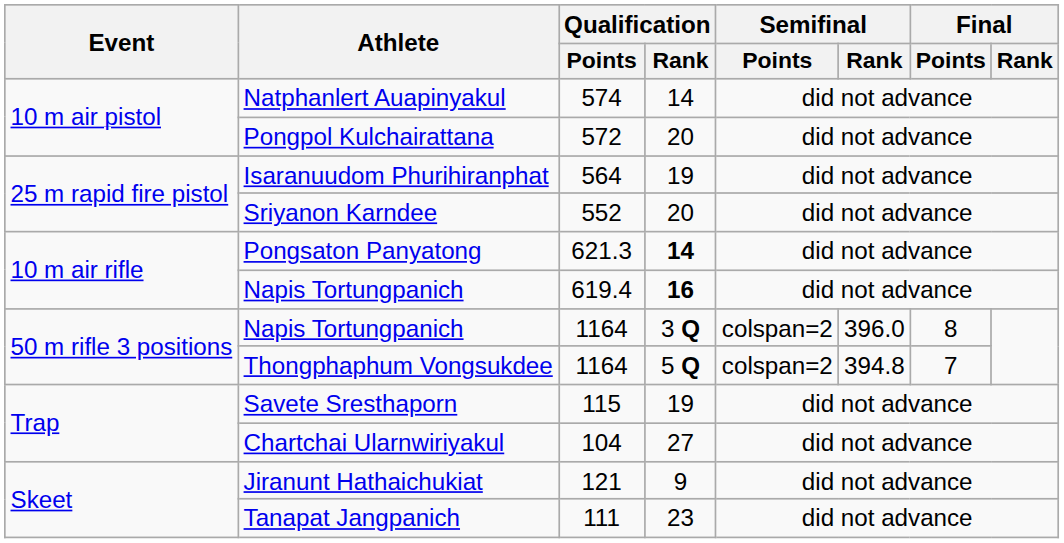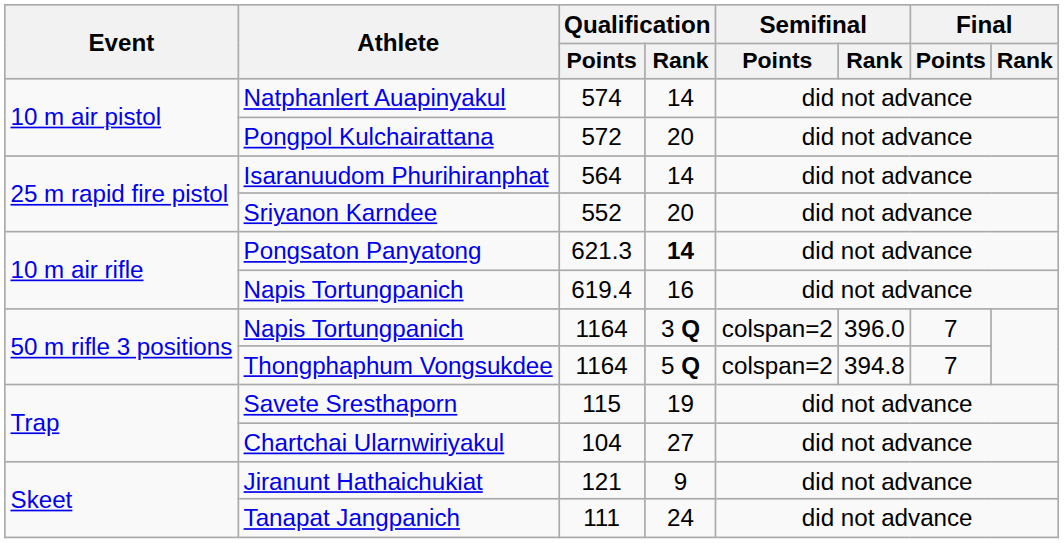 <table class="wikitable" style="font-size:90%">
 <tr>
 <th rowspan="2">Event</th>
 <th rowspan="2">Athlete</th>
 <th colspan=2>Qualification</th>
 <th colspan=2>Semifinal</th>
 <th colspan=2>Final</th>
 </tr>
 <tr style="font-size:95%">
 <th>Points</th>
 <th>Rank</th>
 <th>Points</th>
 <th>Rank</th>
 <th>Points</th>
 <th>Rank</th>
 </tr>
 <tr align=center>
 <td align=left rowspan=2><a href='#'>10 m air pistol</a></td>
 <td align=left><a href='#'>Natphanlert Auapinyakul</a></td>
 <td>574</td>
 <td>14</td>
 <td colspan=4>did not advance</td>
 </tr>
 <tr align=center>
 <td align=left><a href='#'>Pongpol Kulchairattana</a></td>
 <td>572</td>
 <td>20</td>
 <td colspan=4>did not advance</td>
 </tr>
 <tr align=center>
 <td align=left rowspan=2><a href='#'>25 m rapid fire pistol</a></td>
 <td align=left><a href='#'>Isaranuudom Phurihiranphat</a></td>
 <td>564</td>
-<td>19</td>
+<td>14</td>
 <td colspan=4>did not advance</td>
 </tr>
 <tr align=center>
 <td align=left><a href='#'>Sriyanon Karndee</a></td>
 <td>552</td>
 <td>20</td>
 <td colspan=4>did not advance</td>
 </tr>
 <tr align=center>
 <td align=left rowspan=2><a href='#'>10 m air rifle</a></td>
 <td align=left><a href='#'>Pongsaton Panyatong</a></td>
 <td>621.3</td>
 <td><strong>14</strong></td>
 <td colspan=4>did not advance</td>
 </tr>
 <tr align=center>
 <td align=left><a href='#'>Napis Tortungpanich</a></td>
 <td>619.4</td>
-<td><strong>16</strong></td>
+<td>16</td>
 <td colspan=4>did not advance</td>
 </tr>
 <tr align=center>
 <td align=left rowspan=2><a href='#'>50 m rifle 3 positions</a></td>
 <td align=left><a href='#'>Napis Tortungpanich</a></td>
 <td>1164</td>
 <td>3 <strong>Q</strong></td>
 <td>colspan=2 </td>
 <td>396.0</td>
-<td>8</td>
+<td>7</td>
 </tr>
 <tr align=center>
 <td align=left><a href='#'>Thongphaphum Vongsukdee</a></td>
 <td>1164</td>
 <td>5 <strong>Q</strong></td>
 <td>colspan=2 </td>
 <td>394.8</td>
 <td>7</td>
 </tr>
 <tr align=center>
 <td align=left rowspan=2><a href='#'>Trap</a></td>
 <td align=left><a href='#'>Savete Sresthaporn</a></td>
 <td>115</td>
 <td>19</td>
 <td colspan=4>did not advance</td>
 </tr>
 <tr align=center>
 <td align=left><a href='#'>Chartchai Ularnwiriyakul</a></td>
 <td>104</td>
 <td>27</td>
 <td colspan=4>did not advance</td>
 </tr>
 <tr align=center>
 <td align=left rowspan=2><a href='#'>Skeet</a></td>
 <td align=left><a href='#'>Jiranunt Hathaichukiat</a></td>
 <td>121</td>
 <td>9</td>
 <td colspan=4>did not advance</td>
 </tr>
 <tr align=center>
 <td align=left><a href='#'>Tanapat Jangpanich</a></td>
 <td>111</td>
-<td>23</td>
+<td>24</td>
 <td colspan=4>did not advance</td>
 </tr>
 </table>
